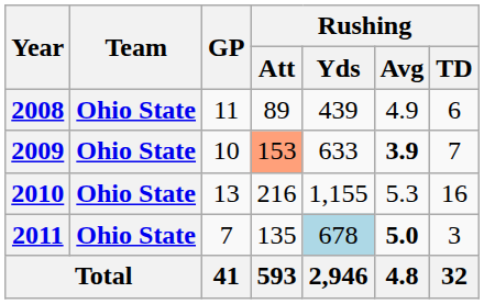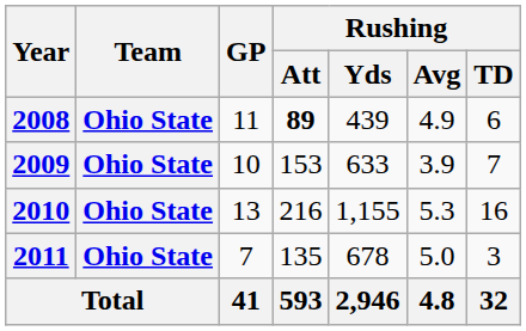 <table class=wikitable style="text-align:center;">
 <tr>
 <th rowspan="2">Year</th>
 <th rowspan="2">Team</th>
 <th rowspan="2">GP</th>
 <th colspan="4">Rushing</th>
 </tr>
 <tr>
 <th>Att</th>
 <th>Yds</th>
 <th>Avg</th>
 <th>TD</th>
 </tr>
 <tr>
 <th><a href='#'>2008</a></th>
 <th><a href='#'>Ohio State</a></th>
 <td>11</td>
-<td>89</td>
+<td><strong>89</strong></td>
 <td>439</td>
 <td>4.9</td>
 <td>6</td>
 </tr>
 <tr>
 <th><a href='#'>2009</a></th>
 <th><a href='#'>Ohio State</a></th>
 <td>10</td>
-<td style="background: lightsalmon;">153</td>
+<td>153</td>
 <td>633</td>
-<td><strong>3.9</strong></td>
+<td>3.9</td>
 <td>7</td>
 </tr>
 <tr>
 <th><a href='#'>2010</a></th>
 <th><a href='#'>Ohio State</a></th>
 <td>13</td>
 <td>216</td>
 <td>1,155</td>
 <td>5.3</td>
 <td>16</td>
 </tr>
 <tr>
 <th><a href='#'>2011</a></th>
 <th><a href='#'>Ohio State</a></th>
 <td>7</td>
 <td>135</td>
-<td style="background: lightblue;">678</td>
-<td><strong>5.0</strong></td>
+<td>678</td>
+<td>5.0</td>
 <td>3</td>
 </tr>
 <tr>
 <th colspan="2">Total</th>
 <th>41</th>
 <th>593</th>
 <th>2,946</th>
 <th>4.8</th>
 <th>32</th>
 </tr>
 </table>
